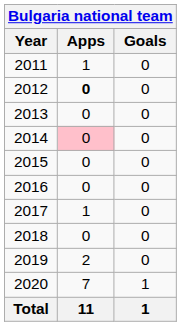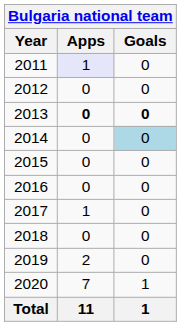 <table class="wikitable" style="text-align:center">
 <tr>
 <th colspan=3><a href='#'>Bulgaria national team</a></th>
 </tr>
 <tr>
 <th>Year</th>
 <th>Apps</th>
 <th>Goals</th>
 </tr>
 <tr>
 <td>2011</td>
-<td>1</td>
+<td style="background: lavender;">1</td>
 <td>0</td>
 </tr>
 <tr>
 <td>2012</td>
-<td><strong>0</strong></td>
+<td>0</td>
 <td>0</td>
 </tr>
 <tr>
 <td>2013</td>
-<td>0</td>
-<td>0</td>
+<td><strong>0</strong></td>
+<td><strong>0</strong></td>
 </tr>
 <tr>
 <td>2014</td>
-<td style="background: pink;">0</td>
 <td>0</td>
+<td style="background: lightblue;">0</td>
 </tr>
 <tr>
 <td>2015</td>
 <td>0</td>
 <td>0</td>
 </tr>
 <tr>
 <td>2016</td>
 <td>0</td>
 <td>0</td>
 </tr>
 <tr>
 <td>2017</td>
 <td>1</td>
 <td>0</td>
 </tr>
 <tr>
 <td>2018</td>
 <td>0</td>
 <td>0</td>
 </tr>
 <tr>
 <td>2019</td>
 <td>2</td>
 <td>0</td>
 </tr>
 <tr>
 <td>2020</td>
 <td>7</td>
 <td>1</td>
 </tr>
 <tr>
 <th>Total</th>
 <th>11</th>
 <th>1</th>
 </tr>
 </table>
